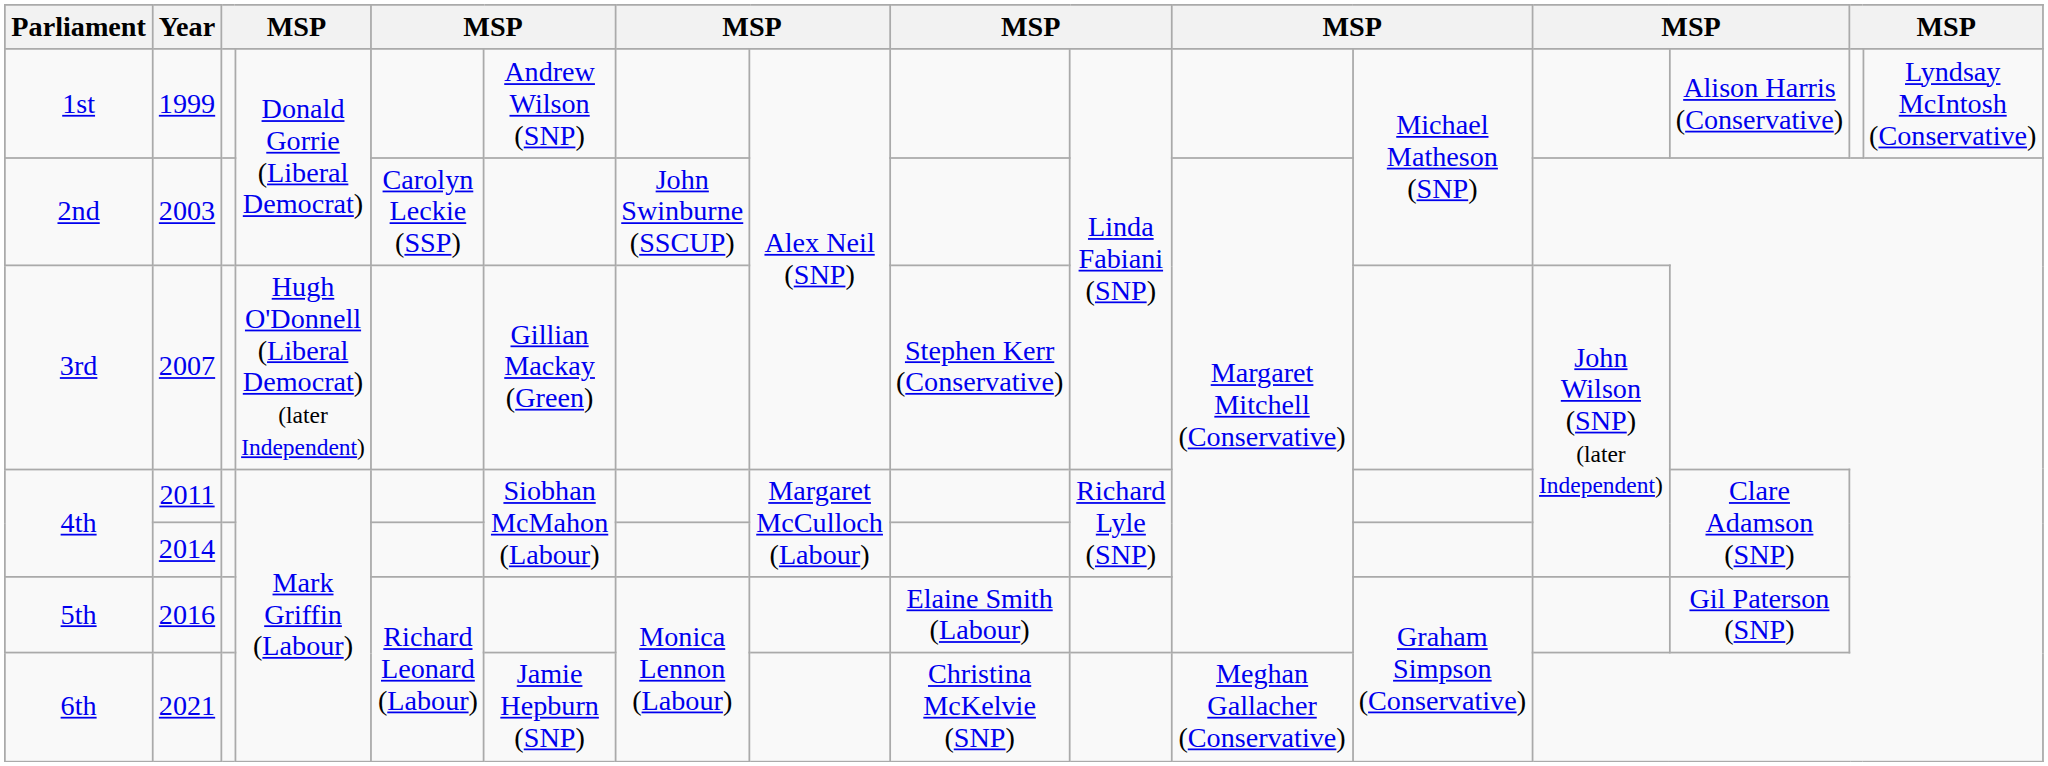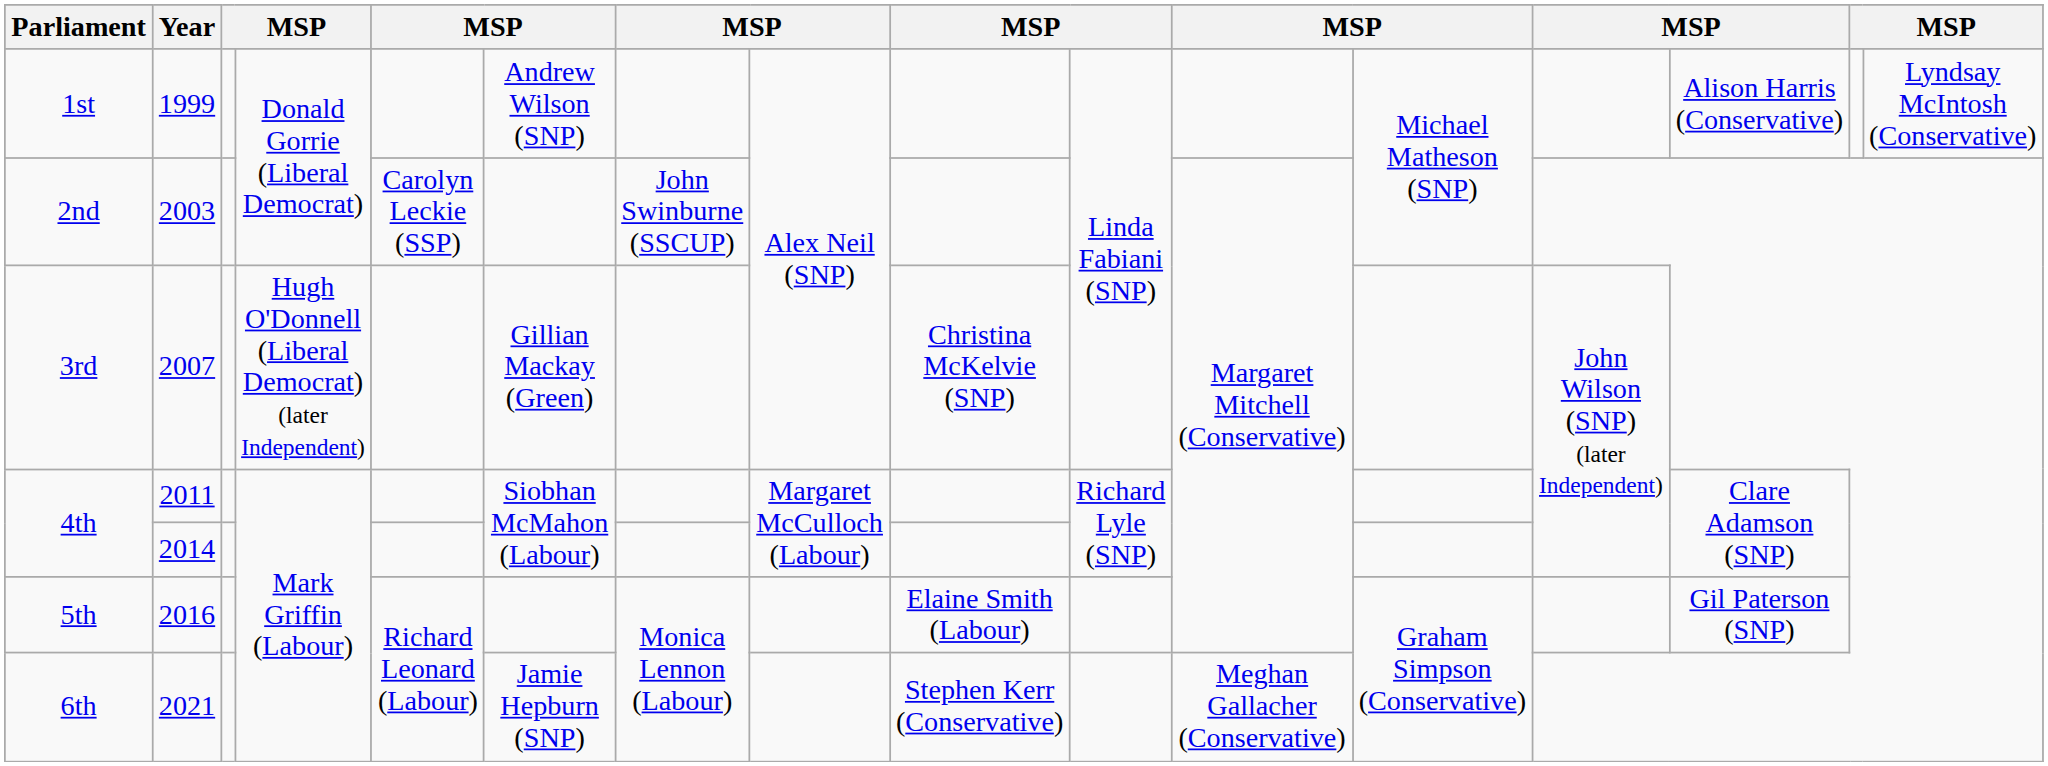 <table class="wikitable" style="text-align:center">
 <tr>
 <th>Parliament</th>
 <th>Year</th>
 <th colspan="2">MSP</th>
 <th colspan="2">MSP</th>
 <th colspan="2">MSP</th>
 <th colspan="2">MSP</th>
 <th colspan="2">MSP</th>
 <th colspan="2">MSP</th>
 <th colspan="2">MSP</th>
 </tr>
 <tr>
 <td><a href='#'>1st</a></td>
 <td><a href='#'>1999</a></td>
 <td></td>
 <td rowspan="2"><a href='#'>Donald Gorrie</a><br>(<a href='#'>Liberal Democrat</a>)</td>
 <td style="color:inherit;background:"></td>
 <td><a href='#'>Andrew Wilson</a><br>(<a href='#'>SNP</a>)</td>
 <td></td>
 <td rowspan="3"><a href='#'>Alex Neil</a> <br>(<a href='#'>SNP</a>)</td>
 <td></td>
 <td rowspan="3"><a href='#'>Linda Fabiani</a><br>(<a href='#'>SNP</a>)</td>
 <td></td>
 <td rowspan="2"><a href='#'>Michael Matheson</a><br>(<a href='#'>SNP</a>)</td>
 <td style="color:inherit;background:"></td>
 <td><a href='#'>Alison Harris</a><br>(<a href='#'>Conservative</a>)</td>
 <td style="color:inherit;background:"></td>
 <td><a href='#'>Lyndsay McIntosh</a><br>(<a href='#'>Conservative</a>)</td>
 </tr>
 <tr>
 <td><a href='#'>2nd</a></td>
 <td><a href='#'>2003</a></td>
 <td style="color:inherit;background:"></td>
 <td><a href='#'>Carolyn Leckie</a><br>(<a href='#'>SSP</a>)</td>
 <td style="color:inherit;background:"></td>
 <td><a href='#'>John Swinburne</a><br>(<a href='#'>SSCUP</a>)</td>
 <td></td>
 <td rowspan="5"><a href='#'>Margaret Mitchell</a><br>(<a href='#'>Conservative</a>)</td>
 </tr>
 <tr>
 <td><a href='#'>3rd</a></td>
 <td><a href='#'>2007</a></td>
 <td style="color:inherit;background:"></td>
 <td><a href='#'>Hugh O'Donnell</a><br>(<a href='#'>Liberal Democrat</a>)<br><small>(later <a href='#'>Independent</a>)</small></td>
 <td style="color:inherit;background:"></td>
 <td><a href='#'>Gillian Mackay</a><br>(<a href='#'>Green</a>)</td>
 <td style="color:inherit;background:"></td>
-<td><a href='#'>Stephen Kerr</a><br>(<a href='#'>Conservative</a>)</td>
+<td><a href='#'>Christina McKelvie</a><br>(<a href='#'>SNP</a>)</td>
 <td></td>
 <td rowspan="3"><a href='#'>John Wilson</a><br>(<a href='#'>SNP</a>)<br><small>(later <a href='#'>Independent</a>)</small></td>
 </tr>
 <tr>
 <td rowspan="2"><a href='#'>4th</a></td>
 <td><a href='#'>2011</a></td>
 <td></td>
 <td rowspan="4"><a href='#'>Mark Griffin</a><br>(<a href='#'>Labour</a>)</td>
 <td></td>
 <td rowspan="2"><a href='#'>Siobhan McMahon</a><br>(<a href='#'>Labour</a>)</td>
 <td></td>
 <td rowspan="2"><a href='#'>Margaret McCulloch</a><br>(<a href='#'>Labour</a>)</td>
 <td></td>
 <td rowspan="2"><a href='#'>Richard Lyle</a><br>(<a href='#'>SNP</a>)</td>
 <td></td>
 <td rowspan="2"><a href='#'>Clare Adamson</a><br>(<a href='#'>SNP</a>)</td>
 </tr>
 <tr>
 <td><a href='#'>2014</a></td>
 <td></td>
 </tr>
 <tr>
 <td><a href='#'>5th</a></td>
 <td><a href='#'>2016</a></td>
 <td></td>
 <td rowspan="2"><a href='#'>Richard Leonard</a><br>(<a href='#'>Labour</a>)</td>
 <td></td>
 <td rowspan="2"><a href='#'>Monica Lennon</a><br>(<a href='#'>Labour</a>)</td>
 <td style="color:inherit;background:"></td>
 <td><a href='#'>Elaine Smith</a><br>(<a href='#'>Labour</a>)</td>
 <td></td>
 <td rowspan="2"><a href='#'>Graham Simpson</a><br>(<a href='#'>Conservative</a>)</td>
 <td style="color:inherit;background:"></td>
 <td><a href='#'>Gil Paterson</a><br>(<a href='#'>SNP</a>)</td>
 </tr>
 <tr>
 <td><a href='#'>6th</a></td>
 <td><a href='#'>2021</a></td>
 <td style="color:inherit;background:"></td>
 <td><a href='#'>Jamie Hepburn</a><br>(<a href='#'>SNP</a>)</td>
 <td style="color:inherit;background:"></td>
-<td><a href='#'>Christina McKelvie</a><br>(<a href='#'>SNP</a>)</td>
+<td><a href='#'>Stephen Kerr</a><br>(<a href='#'>Conservative</a>)</td>
 <td style="color:inherit;background:"></td>
 <td><a href='#'>Meghan Gallacher</a><br>(<a href='#'>Conservative</a>)</td>
 </tr>
 </table>
